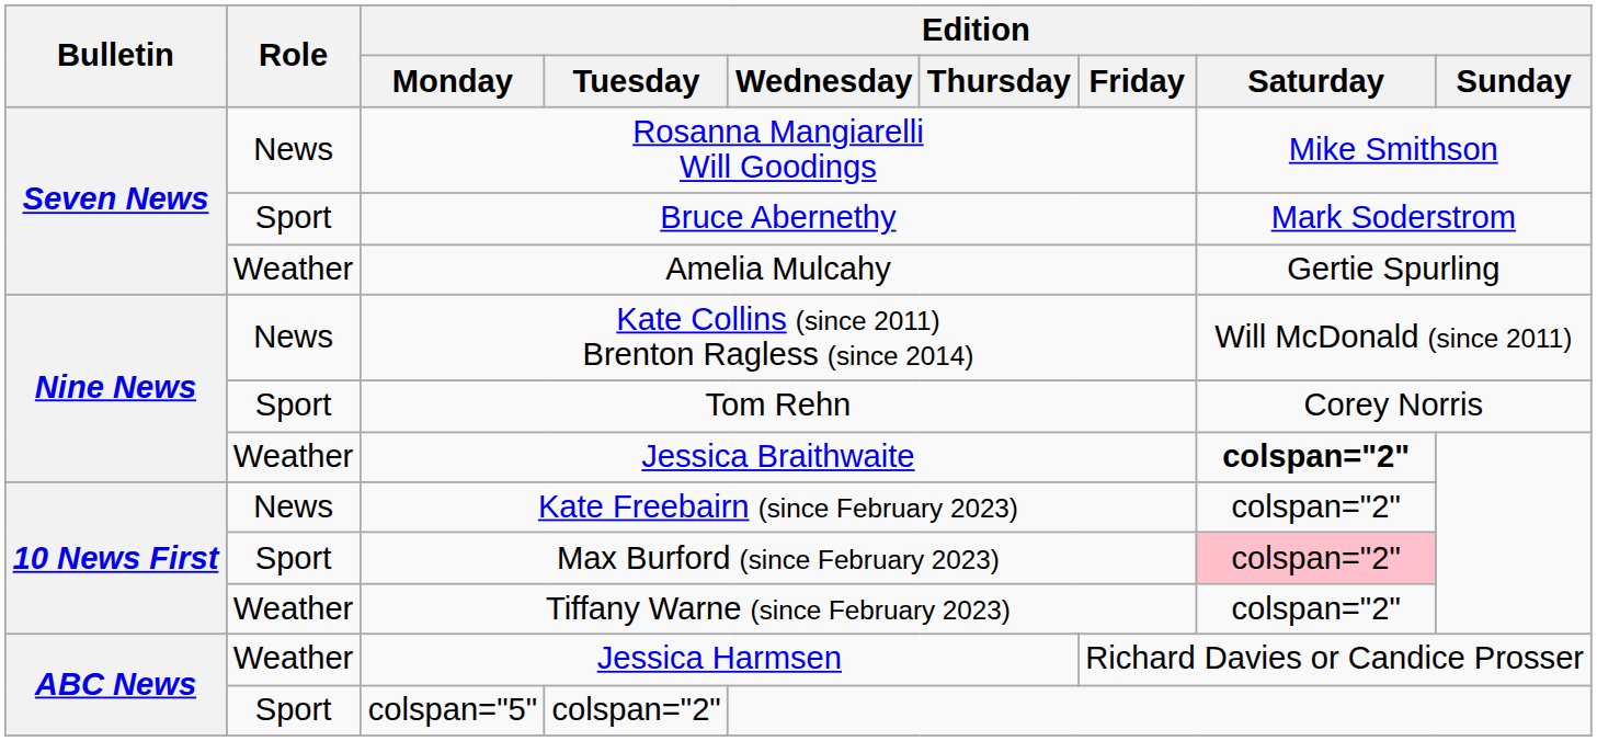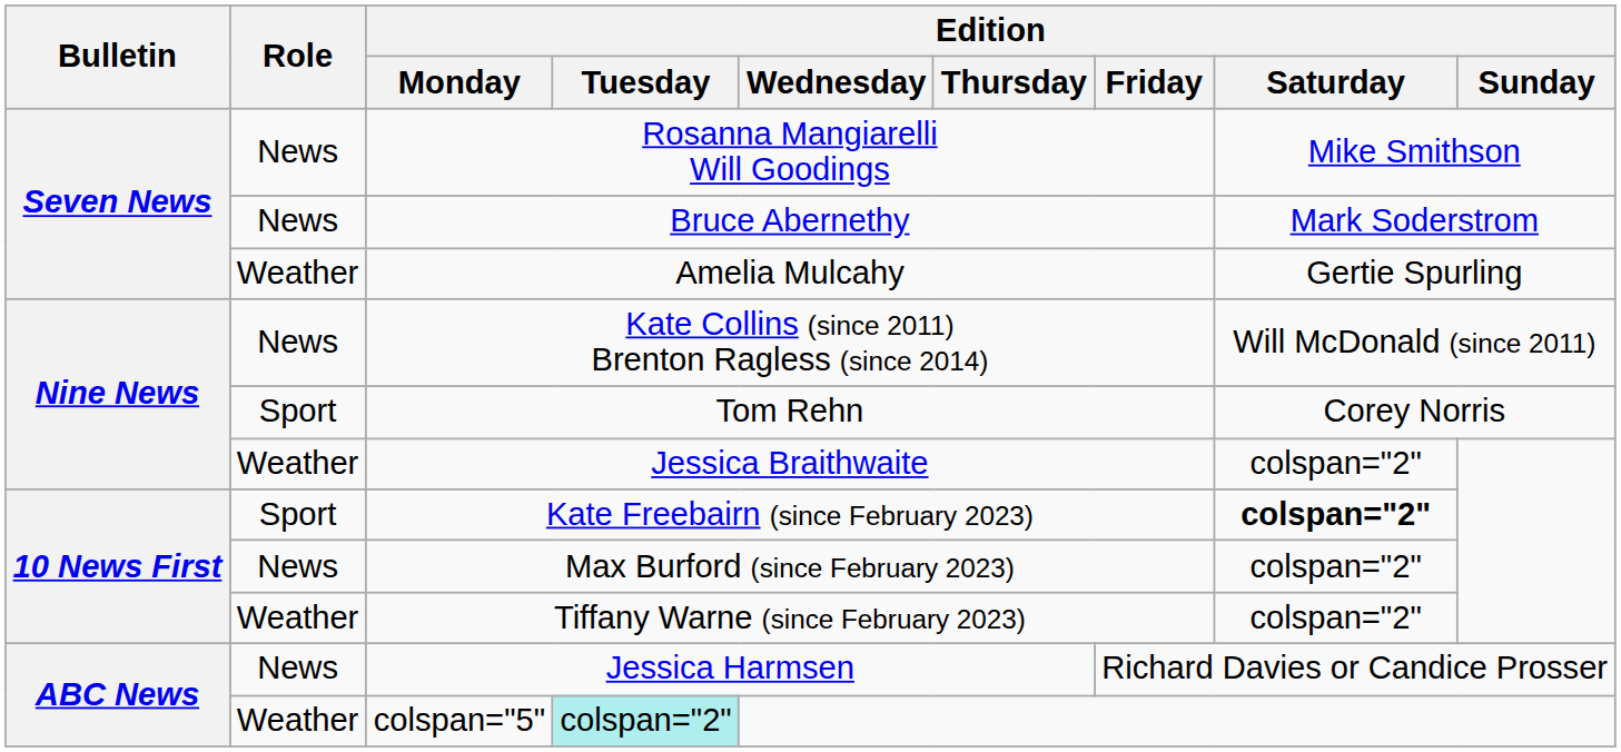 <table class="wikitable plainrowheaders"  style="text-align:center;">
 <tr>
 <th scope="col" rowspan="2">Bulletin</th>
 <th scope="col" rowspan="2">Role</th>
 <th scope="col" colspan="7">Edition</th>
 </tr>
 <tr>
 <th scope="col">Monday</th>
 <th scope="col">Tuesday</th>
 <th scope="col">Wednesday</th>
 <th scope="col">Thursday</th>
 <th scope="col">Friday</th>
 <th scope="col">Saturday</th>
 <th scope="col">Sunday</th>
 </tr>
 <tr>
 <th scope="row" rowspan="3"><em><a href='#'>Seven News</a></em></th>
 <td>News</td>
 <td colspan="5"><a href='#'>Rosanna Mangiarelli</a><br><a href='#'>Will Goodings</a></td>
 <td colspan="2"><a href='#'>Mike Smithson</a></td>
 </tr>
 <tr>
-<td>Sport</td>
+<td>News</td>
 <td colspan="5"><a href='#'>Bruce Abernethy</a></td>
 <td colspan="2"><a href='#'>Mark Soderstrom</a></td>
 </tr>
 <tr>
 <td>Weather</td>
 <td colspan="5">Amelia Mulcahy</td>
 <td colspan="2">Gertie Spurling</td>
 </tr>
 <tr>
 <th scope="row" rowspan="3"><em><a href='#'>Nine News</a></em></th>
 <td>News</td>
 <td colspan="5"><a href='#'>Kate Collins</a> <small>(since 2011)</small><br>Brenton Ragless <small>(since 2014)</small></td>
 <td colspan="2">Will McDonald <small>(since 2011)</small></td>
 </tr>
 <tr>
 <td>Sport</td>
 <td colspan="5">Tom Rehn</td>
 <td colspan="2">Corey Norris</td>
 </tr>
 <tr>
 <td>Weather</td>
 <td colspan="5"><a href='#'>Jessica Braithwaite</a></td>
+<td>colspan="2" </td>
+</tr>
+<tr>
+<th scope="row" rowspan="3"><em><a href='#'>10 News First</a></em></th>
+<td>Sport</td>
+<td colspan="5"><a href='#'>Kate Freebairn</a> <small>(since February 2023)</small></td>
 <td><strong>colspan="2" </strong></td>
 </tr>
 <tr>
-<th scope="row" rowspan="3"><em><a href='#'>10 News First</a></em></th>
 <td>News</td>
-<td colspan="5"><a href='#'>Kate Freebairn</a> <small>(since February 2023)</small></td>
+<td colspan="5">Max Burford <small>(since February 2023)</small></td>
 <td>colspan="2" </td>
-</tr>
-<tr>
-<td>Sport</td>
-<td colspan="5">Max Burford <small>(since February 2023)</small></td>
-<td style="background: pink;">colspan="2" </td>
 </tr>
 <tr>
 <td>Weather</td>
 <td colspan="5">Tiffany Warne <small>(since February 2023)</small></td>
 <td>colspan="2" </td>
 </tr>
 <tr>
 <th scope="row" rowspan="3"><em><a href='#'>ABC News</a></em></th>
-<td>Weather</td>
+<td>News</td>
 <td colspan="4"><a href='#'>Jessica Harmsen</a></td>
 <td colspan="3">Richard Davies or Candice Prosser</td>
 </tr>
 <tr>
-<td>Sport</td>
+<td>Weather</td>
 <td>colspan="5" </td>
-<td>colspan="2" </td>
+<td style="background: paleturquoise;">colspan="2" </td>
 </tr>
 </table>
